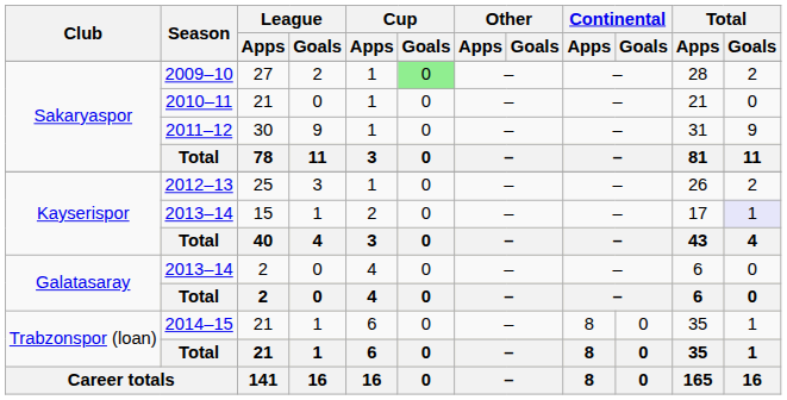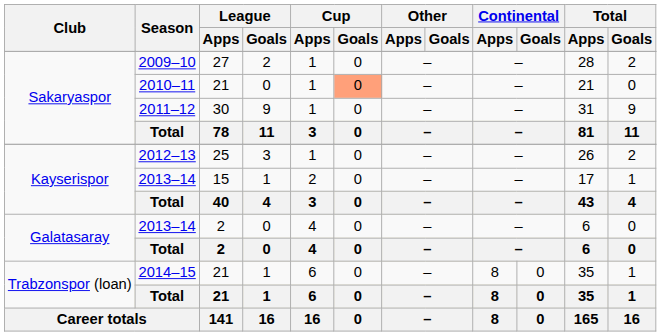 <table class="wikitable" style="text-align: center;">
 <tr>
 <th rowspan="2">Club</th>
 <th rowspan="2">Season</th>
 <th colspan="2">League</th>
 <th colspan="2">Cup</th>
 <th colspan="2">Other</th>
 <th colspan="2"><a href='#'>Continental</a></th>
 <th colspan="2">Total</th>
 </tr>
 <tr>
 <th>Apps</th>
 <th>Goals</th>
 <th>Apps</th>
 <th>Goals</th>
 <th>Apps</th>
 <th>Goals</th>
 <th>Apps</th>
 <th>Goals</th>
 <th>Apps</th>
 <th>Goals</th>
 </tr>
 <tr>
 </tr>
 <tr style="text-align:center;">
 <td rowspan="4" style="vertical-align:center;"><a href='#'>Sakaryaspor</a></td>
 <td><a href='#'>2009–10</a></td>
 <td>27</td>
 <td>2</td>
 <td>1</td>
-<td style="background: lightgreen;">0</td>
+<td>0</td>
 <td colspan="2">–</td>
 <td colspan="2">–</td>
 <td>28</td>
 <td>2</td>
 </tr>
 <tr>
 <td><a href='#'>2010–11</a></td>
 <td>21</td>
 <td>0</td>
 <td>1</td>
-<td>0</td>
+<td style="background: lightsalmon;">0</td>
 <td colspan="2">–</td>
 <td colspan="2">–</td>
 <td>21</td>
 <td>0</td>
 </tr>
 <tr>
 <td><a href='#'>2011–12</a></td>
 <td>30</td>
 <td>9</td>
 <td>1</td>
 <td>0</td>
 <td colspan="2">–</td>
 <td colspan="2">–</td>
 <td>31</td>
 <td>9</td>
 </tr>
 <tr style="background:lemonchiffon">
 <th>Total</th>
 <th>78</th>
 <th>11</th>
 <th>3</th>
 <th>0</th>
 <th colspan="2">–</th>
 <th colspan="2">–</th>
 <th>81</th>
 <th>11</th>
 </tr>
 <tr>
 </tr>
 <tr style="text-align:center;">
 <td rowspan="3" style="vertical-align:center;"><a href='#'>Kayserispor</a></td>
 <td><a href='#'>2012–13</a></td>
 <td>25</td>
 <td>3</td>
 <td>1</td>
 <td>0</td>
 <td colspan="2">–</td>
 <td colspan="2">–</td>
 <td>26</td>
 <td>2</td>
 </tr>
 <tr>
 <td><a href='#'>2013–14</a></td>
 <td>15</td>
 <td>1</td>
 <td>2</td>
 <td>0</td>
 <td colspan="2">–</td>
 <td colspan="2">–</td>
 <td>17</td>
-<td style="background: lavender;">1</td>
+<td>1</td>
 </tr>
 <tr style="background:lemonchiffon">
 <th>Total</th>
 <th>40</th>
 <th>4</th>
 <th>3</th>
 <th>0</th>
 <th colspan="2">–</th>
 <th colspan="2">–</th>
 <th>43</th>
 <th>4</th>
 </tr>
 <tr>
 <td rowspan="2" style="vertical-align:center;"><a href='#'>Galatasaray</a></td>
 <td><a href='#'>2013–14</a></td>
 <td>2</td>
 <td>0</td>
 <td>4</td>
 <td>0</td>
 <td colspan="2">–</td>
 <td colspan="2">–</td>
 <td>6</td>
 <td>0</td>
 </tr>
 <tr style="background:lemonchiffon">
 <th>Total</th>
 <th>2</th>
 <th>0</th>
 <th>4</th>
 <th>0</th>
 <th colspan="2">–</th>
 <th colspan="2">–</th>
 <th>6</th>
 <th>0</th>
 </tr>
 <tr>
 <td rowspan="2" style="vertical-align:center;"><a href='#'>Trabzonspor</a> (loan)</td>
 <td><a href='#'>2014–15</a></td>
 <td>21</td>
 <td>1</td>
 <td>6</td>
 <td>0</td>
 <td colspan="2">–</td>
 <td>8</td>
 <td>0</td>
 <td>35</td>
 <td>1</td>
 </tr>
 <tr style="background:lemonchiffon">
 <th>Total</th>
 <th>21</th>
 <th>1</th>
 <th>6</th>
 <th>0</th>
 <th colspan="2">–</th>
 <th>8</th>
 <th>0</th>
 <th>35</th>
 <th>1</th>
 </tr>
 <tr>
 <th colspan="2">Career totals</th>
 <th>141</th>
 <th>16</th>
 <th>16</th>
 <th>0</th>
 <th colspan="2">–</th>
 <th>8</th>
 <th>0</th>
 <th>165</th>
 <th>16</th>
 </tr>
 </table>
